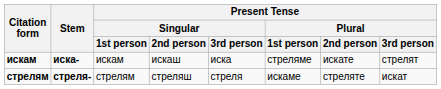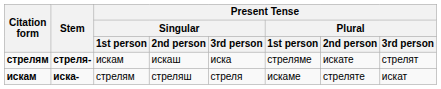 <table class="wikitable">
 <tr>
 <th rowspan="3">Citation<br>form</th>
 <th rowspan="3">Stem</th>
 <th colspan="6">Present Tense</th>
 </tr>
 <tr>
 <th colspan="3">Singular</th>
 <th colspan="3">Plural</th>
 </tr>
 <tr>
 <th><strong>1st person</strong></th>
 <th><strong>2nd person</strong></th>
 <th><strong>3rd person</strong></th>
 <th><strong>1st person</strong></th>
 <th><strong>2nd person</strong></th>
 <th><strong>3rd person</strong></th>
 </tr>
 <tr>
-<td><strong>искам</strong> <br></td>
-<td><strong>иска-</strong> <br></td>
+<td><strong>стрелям</strong> <br></td>
+<td><strong>стреля-</strong> <br></td>
 <td>иска<span>м</span> <br></td>
 <td>иска<span>ш</span> <br></td>
 <td>иска <br></td>
 <td>стреля<span>ме</span> <br></td>
 <td>иска<span>те</span> <br></td>
 <td>стреля<span>т</span> <br></td>
 </tr>
 <tr>
-<td><strong>стрелям</strong> <br></td>
-<td><strong>стреля-</strong> <br></td>
+<td><strong>искам</strong> <br></td>
+<td><strong>иска-</strong> <br></td>
 <td>стреля<span>м</span> <br></td>
 <td>стреля<span>ш</span> <br></td>
 <td>стреля <br></td>
 <td>иска<span>ме</span> <br></td>
 <td>стреля<span>те</span> <br></td>
 <td>иска<span>т</span> <br></td>
 </tr>
 </table>
